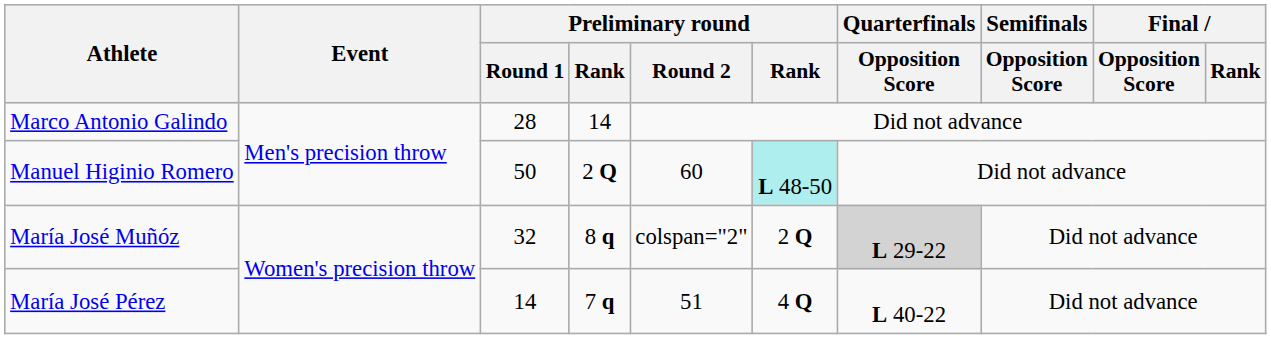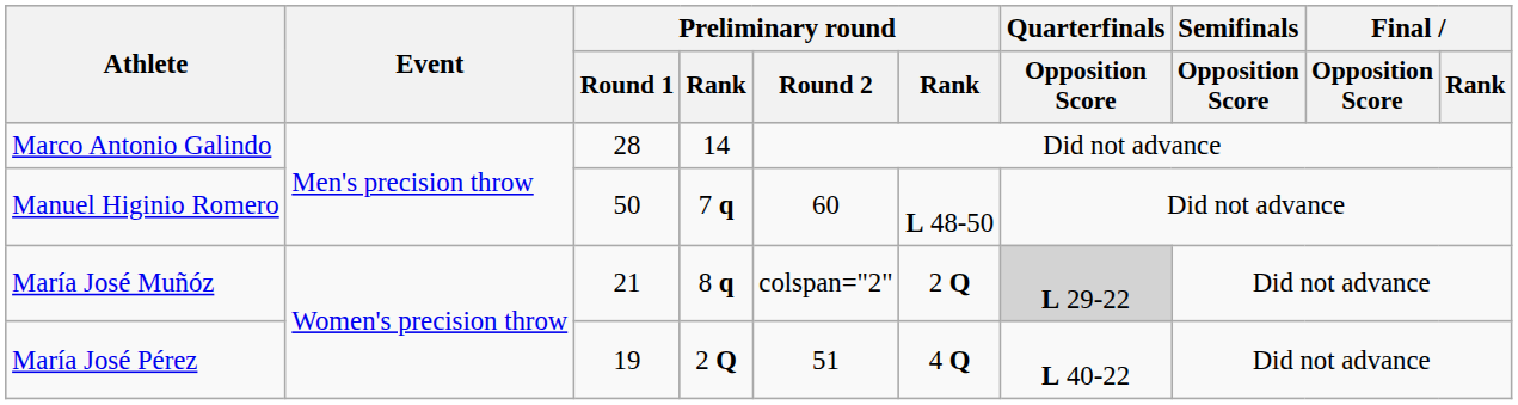 <table class="wikitable" style="font-size:90%">
 <tr>
 <th rowspan="2">Athlete</th>
 <th rowspan="2">Event</th>
 <th colspan="4">Preliminary round</th>
 <th>Quarterfinals</th>
 <th>Semifinals</th>
 <th colspan="2">Final / </th>
 </tr>
 <tr style="font-size:95%">
 <th>Round 1</th>
 <th>Rank</th>
 <th>Round 2</th>
 <th>Rank</th>
 <th>Opposition<br>Score</th>
 <th>Opposition<br>Score</th>
 <th>Opposition<br>Score</th>
 <th>Rank</th>
 </tr>
 <tr align="center">
 <td align="left"><a href='#'>Marco Antonio Galindo</a></td>
 <td rowspan="2" align="left"><a href='#'>Men's precision throw</a></td>
 <td>28</td>
 <td>14</td>
 <td colspan="6">Did not advance</td>
 </tr>
 <tr align="center">
 <td align="left"><a href='#'>Manuel Higinio Romero</a></td>
 <td>50</td>
-<td>2 <strong>Q</strong></td>
+<td>7 <strong>q</strong></td>
 <td>60</td>
-<td style="background: paleturquoise;"><br><strong>L</strong> 48-50</td>
+<td><br><strong>L</strong> 48-50</td>
 <td colspan="4">Did not advance</td>
 </tr>
 <tr align="center">
 <td align="left"><a href='#'>María José Muñóz</a></td>
 <td rowspan="2" align="left"><a href='#'>Women's precision throw</a></td>
-<td>32</td>
+<td>21</td>
 <td>8 <strong>q</strong></td>
 <td>colspan="2" </td>
 <td>2 <strong>Q</strong></td>
 <td style="background: lightgrey;"><br><strong>L</strong> 29-22</td>
 <td colspan="4">Did not advance</td>
 </tr>
 <tr align="center">
 <td align="left"><a href='#'>María José Pérez</a></td>
-<td>14</td>
-<td>7 <strong>q</strong></td>
+<td>19</td>
+<td>2 <strong>Q</strong></td>
 <td>51</td>
 <td>4 <strong>Q</strong></td>
 <td><br><strong>L</strong> 40-22</td>
 <td colspan="4">Did not advance</td>
 </tr>
 </table>
